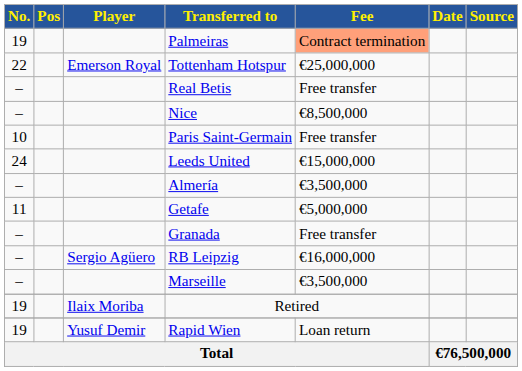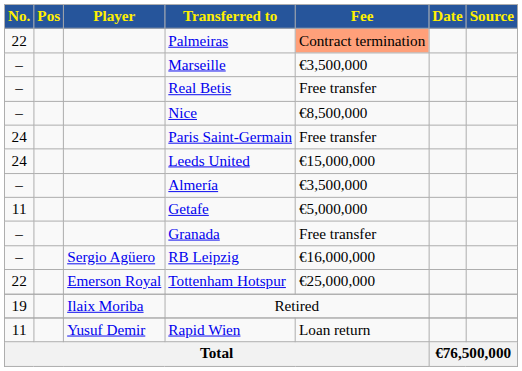 <table class="wikitable plainrowheaders sortable">
 <tr>
 <th style="background:#26559B; color:#FFF000; ">No.</th>
 <th style="background:#26559B; color:#FFF000; ">Pos</th>
 <th style="background:#26559B; color:#FFF000; ">Player</th>
 <th style="background:#26559B; color:#FFF000; ">Transferred to</th>
 <th style="background:#26559B; color:#FFF000; ">Fee</th>
 <th style="background:#26559B; color:#FFF000; ">Date</th>
 <th style="background:#26559B; color:#FFF000; ">Source</th>
 </tr>
 <tr>
-<td align=center>19</td>
+<td align=center>22</td>
 <td align=center></td>
 <td></td>
 <td> <a href='#'>Palmeiras</a></td>
 <td style="background: lightsalmon;">Contract termination</td>
 <td></td>
 <td></td>
 </tr>
 <tr>
-<td align=center>22</td>
+<td align=center>–</td>
 <td align=center></td>
-<td> <a href='#'>Emerson Royal</a></td>
-<td> <a href='#'>Tottenham Hotspur</a></td>
-<td>€25,000,000</td>
+<td></td>
+<td> <a href='#'>Marseille</a></td>
+<td>€3,500,000</td>
 <td></td>
 <td></td>
 </tr>
 <tr>
 <td align=center>–</td>
 <td align=center></td>
 <td></td>
 <td><a href='#'>Real Betis</a></td>
 <td>Free transfer</td>
 <td></td>
 <td></td>
 </tr>
 <tr>
 <td align=center>–</td>
 <td align=center></td>
 <td></td>
 <td> <a href='#'>Nice</a></td>
 <td>€8,500,000</td>
 <td></td>
 <td></td>
 </tr>
 <tr>
-<td align=center>10</td>
+<td align=center>24</td>
 <td align=center></td>
 <td></td>
 <td> <a href='#'>Paris Saint-Germain</a></td>
 <td>Free transfer</td>
 <td></td>
 <td></td>
 </tr>
 <tr>
 <td align=center>24</td>
 <td align=center></td>
 <td></td>
 <td> <a href='#'>Leeds United</a></td>
 <td>€15,000,000</td>
 <td></td>
 <td></td>
 </tr>
 <tr>
 <td align=center>–</td>
 <td align=center></td>
 <td></td>
 <td><a href='#'>Almería</a></td>
 <td>€3,500,000</td>
 <td></td>
 <td></td>
 </tr>
 <tr>
 <td align=center>11</td>
 <td align=center></td>
 <td></td>
 <td><a href='#'>Getafe</a></td>
 <td>€5,000,000</td>
 <td></td>
 <td></td>
 </tr>
 <tr>
 <td align=center>–</td>
 <td align=center></td>
 <td></td>
 <td><a href='#'>Granada</a></td>
 <td>Free transfer</td>
 <td></td>
 <td></td>
 </tr>
 <tr>
 <td align=center>–</td>
 <td align=center></td>
 <td> <a href='#'>Sergio Agüero</a></td>
 <td> <a href='#'>RB Leipzig</a></td>
 <td>€16,000,000</td>
 <td></td>
 <td></td>
 </tr>
 <tr>
-<td align=center>–</td>
+<td align=center>22</td>
 <td align=center></td>
-<td></td>
-<td> <a href='#'>Marseille</a></td>
-<td>€3,500,000</td>
+<td> <a href='#'>Emerson Royal</a></td>
+<td> <a href='#'>Tottenham Hotspur</a></td>
+<td>€25,000,000</td>
 <td></td>
 <td></td>
 </tr>
 <tr>
 </tr>
 <tr>
 <td align=center>19</td>
 <td align=center></td>
 <td> <a href='#'>Ilaix Moriba</a></td>
 <td align=center colspan="2">Retired</td>
 <td></td>
 <td></td>
 </tr>
 <tr>
 </tr>
 <tr>
-<td align=center>19</td>
+<td align=center>11</td>
 <td align=center></td>
 <td> <a href='#'>Yusuf Demir</a></td>
 <td> <a href='#'>Rapid Wien</a></td>
 <td>Loan return</td>
 <td></td>
 <td></td>
 </tr>
 <tr>
 <th colspan="5">Total</th>
 <th colspan="2">€76,500,000</th>
 </tr>
 </table>
